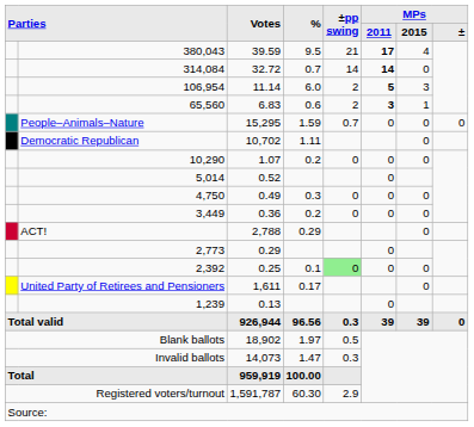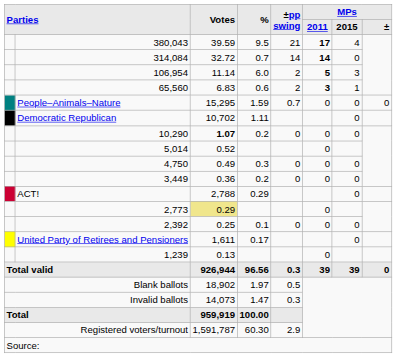 <table class="wikitable" style="text-align:right; font-size:95%;">
 <tr>
 <th rowspan="2" colspan="2" style="background:#e9e9e9; text-align:left;" alignleft><a href='#'>Parties</a></th>
 <th rowspan="2" style="background:#e9e9e9; text-align:right;">Votes</th>
 <th rowspan="2" style="background:#e9e9e9; text-align:right;">%</th>
 <th rowspan="2" style="background:#e9e9e9; text-align:right;">±<a href='#'>pp</a> <a href='#'>swing</a></th>
 <th colspan="3" style="background:#e9e9e9; text-align:center;"><a href='#'>MPs</a></th>
 </tr>
 <tr style="background-color:#E9E9E9">
 <th style="background-color:#E9E9E9;text-align:center;"><a href='#'>2011</a></th>
 <th style="background-color:#E9E9E9;text-align:center;">2015</th>
 <th style="background:#e9e9e9; text-align:right;">±</th>
 </tr>
 <tr>
 <td> </td>
 <td>380,043</td>
 <td>39.59</td>
 <td>9.5</td>
 <td>21</td>
 <td><strong>17</strong></td>
 <td>4</td>
 </tr>
 <tr>
 <td></td>
 <td>314,084</td>
 <td>32.72</td>
 <td>0.7</td>
 <td>14</td>
 <td><strong>14</strong></td>
 <td>0</td>
 </tr>
 <tr>
 <td></td>
 <td>106,954</td>
 <td>11.14</td>
 <td>6.0</td>
 <td>2</td>
 <td><strong>5</strong></td>
 <td>3</td>
 </tr>
 <tr>
 <td></td>
 <td>65,560</td>
 <td>6.83</td>
 <td>0.6</td>
 <td>2</td>
 <td><strong>3</strong></td>
 <td>1</td>
 </tr>
 <tr>
 <td style="width: 10px" bgcolor="teal" align="center"></td>
 <td align="left"><a href='#'>People–Animals–Nature</a></td>
 <td>15,295</td>
 <td>1.59</td>
 <td>0.7</td>
 <td>0</td>
 <td>0</td>
 <td>0</td>
 </tr>
 <tr>
 <td style="width: 10px" bgcolor=black align="center"></td>
 <td align=left><a href='#'>Democratic Republican</a></td>
 <td>10,702</td>
 <td>1.11</td>
 <td></td>
 <td></td>
 <td>0</td>
 <td></td>
 </tr>
 <tr>
 <td></td>
 <td>10,290</td>
-<td>1.07</td>
+<td><strong>1.07</strong></td>
 <td>0.2</td>
 <td>0</td>
 <td>0</td>
 <td>0</td>
 </tr>
 <tr>
 <td></td>
 <td>5,014</td>
 <td>0.52</td>
 <td></td>
 <td></td>
 <td>0</td>
 <td></td>
 </tr>
 <tr>
 <td></td>
 <td>4,750</td>
 <td>0.49</td>
 <td>0.3</td>
 <td>0</td>
 <td>0</td>
 <td>0</td>
 </tr>
 <tr>
 <td></td>
 <td>3,449</td>
 <td>0.36</td>
 <td>0.2</td>
 <td>0</td>
 <td>0</td>
 <td>0</td>
 </tr>
 <tr>
 <td style="width:10px; background:#CC0033; text-align:center;"></td>
 <td style="text-align:left;">ACT! </td>
 <td>2,788</td>
 <td>0.29</td>
 <td></td>
 <td></td>
 <td>0</td>
 <td></td>
 </tr>
 <tr>
 <td></td>
 <td>2,773</td>
-<td>0.29</td>
+<td style="background: khaki;">0.29</td>
 <td></td>
 <td></td>
 <td>0</td>
 <td></td>
 </tr>
 <tr>
 <td></td>
 <td>2,392</td>
 <td>0.25</td>
 <td>0.1</td>
-<td style="background: lightgreen;">0</td>
+<td>0</td>
 <td>0</td>
 <td>0</td>
 </tr>
 <tr>
 <td style="width: 10px" bgcolor=yellow align="center"></td>
 <td align=left><a href='#'>United Party of Retirees and Pensioners</a></td>
 <td>1,611</td>
 <td>0.17</td>
 <td></td>
 <td></td>
 <td>0</td>
 <td></td>
 </tr>
 <tr>
 <td></td>
 <td>1,239</td>
 <td>0.13</td>
 <td></td>
 <td></td>
 <td>0</td>
 <td></td>
 </tr>
 <tr>
 <td colspan=2 align=left style="background-color:#E9E9E9"><strong>Total valid</strong></td>
 <td width="65" align="right" style="background-color:#E9E9E9"><strong>926,944</strong></td>
 <td width="40" align="right" style="background-color:#E9E9E9"><strong>96.56</strong></td>
 <td width="40" align="right" style="background-color:#E9E9E9"><strong>0.3</strong></td>
 <td width="40" align="right" style="background-color:#E9E9E9"><strong>39</strong></td>
 <td width="40" align="right" style="background-color:#E9E9E9"><strong>39</strong></td>
 <td width="40" align="right" style="background-color:#E9E9E9"><strong>0</strong></td>
 </tr>
 <tr>
 <td colspan=2>Blank ballots</td>
 <td>18,902</td>
 <td>1.97</td>
 <td>0.5</td>
 <td colspan=4 rowspan=4></td>
 </tr>
 <tr>
 <td colspan=2>Invalid ballots</td>
 <td>14,073</td>
 <td>1.47</td>
 <td>0.3</td>
 </tr>
 <tr>
 <td colspan=2 width="259" align=left style="background-color:#E9E9E9"><strong>Total</strong></td>
 <td width="50" align="right" style="background-color:#E9E9E9"><strong>959,919</strong></td>
 <td width="40" align="right" style="background-color:#E9E9E9"><strong>100.00</strong></td>
 <td width="40" align="right" style="background-color:#E9E9E9"></td>
 </tr>
 <tr>
 <td colspan=2>Registered voters/turnout</td>
 <td>1,591,787</td>
 <td>60.30</td>
 <td>2.9</td>
 </tr>
 <tr>
 <td colspan=11 align=left>Source: </td>
 </tr>
 </table>
